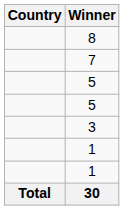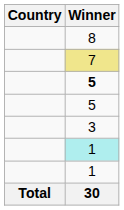 <table class="wikitable sortable" style="text-align:center">
 <tr>
 <th>Country</th>
 <th>Winner</th>
 </tr>
 <tr>
 <td align=left></td>
 <td>8</td>
 </tr>
 <tr>
 <td align=left></td>
-<td>7</td>
+<td style="background: khaki;">7</td>
 </tr>
 <tr>
 <td align=left></td>
-<td>5</td>
+<td><strong>5</strong></td>
 </tr>
 <tr>
 <td align=left></td>
 <td>5</td>
 </tr>
 <tr>
 <td align=left></td>
 <td>3</td>
 </tr>
 <tr>
 <td align=left></td>
-<td>1</td>
+<td style="background: paleturquoise;">1</td>
 </tr>
 <tr>
 <td align=left></td>
 <td>1</td>
 </tr>
 <tr>
 <th>Total</th>
 <th>30</th>
 </tr>
 </table>
